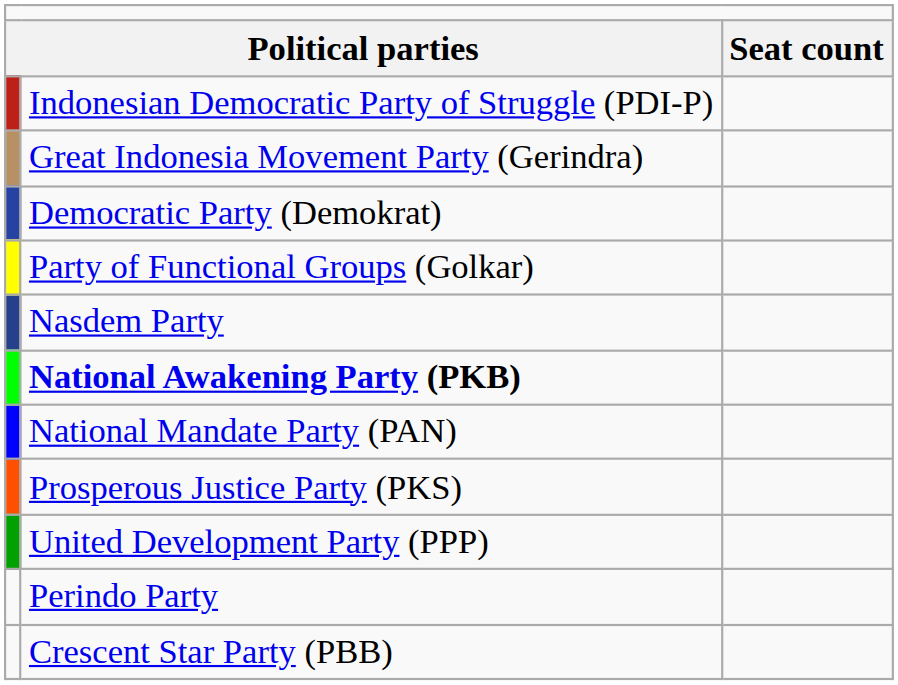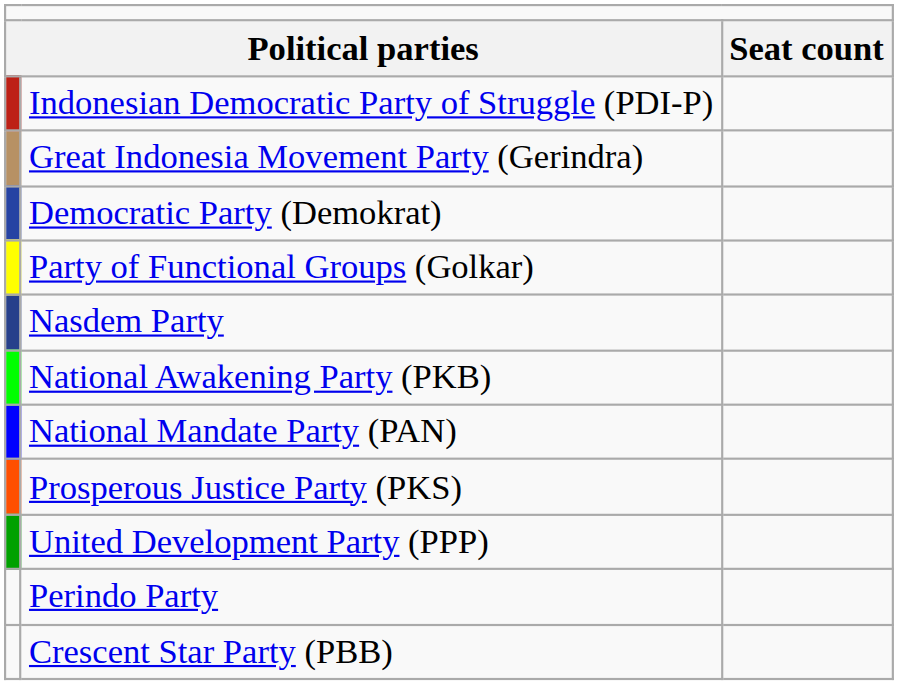 <table class="wikitable">
 <tr>
 <td colspan="4"></td>
 </tr>
 <tr>
 <th colspan="2">Political parties</th>
 <th>Seat count</th>
 </tr>
 <tr>
 <td bgcolor=#BD2016></td>
 <td><a href='#'>Indonesian Democratic Party of Struggle</a> (PDI-P)</td>
 <td></td>
 </tr>
 <tr>
 <td bgcolor=#B79164></td>
 <td><a href='#'>Great Indonesia Movement Party</a> (Gerindra)</td>
 <td></td>
 </tr>
 <tr>
 <td bgcolor=#2643A3></td>
 <td><a href='#'>Democratic Party</a> (Demokrat)</td>
 <td></td>
 </tr>
 <tr>
 <td bgcolor=#FFFF00></td>
 <td><a href='#'>Party of Functional Groups</a> (Golkar)</td>
 <td></td>
 </tr>
 <tr>
 <td bgcolor=#27408B></td>
 <td><a href='#'>Nasdem Party</a></td>
 <td></td>
 </tr>
 <tr>
 <td bgcolor=#00FF00></td>
-<td><strong><a href='#'>National Awakening Party</a> (PKB)</strong></td>
+<td><a href='#'>National Awakening Party</a> (PKB)</td>
 <td></td>
 </tr>
 <tr>
 <td bgcolor=#0000FF></td>
 <td><a href='#'>National Mandate Party</a> (PAN)</td>
 <td></td>
 </tr>
 <tr>
 <td bgcolor=#FF4F00></td>
 <td><a href='#'>Prosperous Justice Party</a> (PKS)</td>
 <td></td>
 </tr>
 <tr>
 <td bgcolor=#00A100></td>
 <td><a href='#'>United Development Party</a> (PPP)</td>
 <td></td>
 </tr>
 <tr>
 <td bgcolor=></td>
 <td><a href='#'>Perindo Party</a></td>
 <td></td>
 </tr>
 <tr>
 <td bgcolor=></td>
 <td><a href='#'>Crescent Star Party</a> (PBB)</td>
 <td></td>
 </tr>
 </table>
